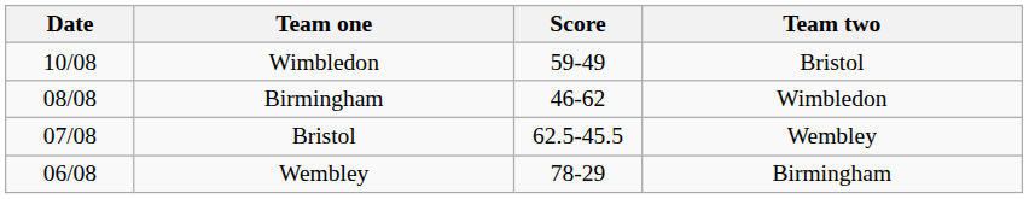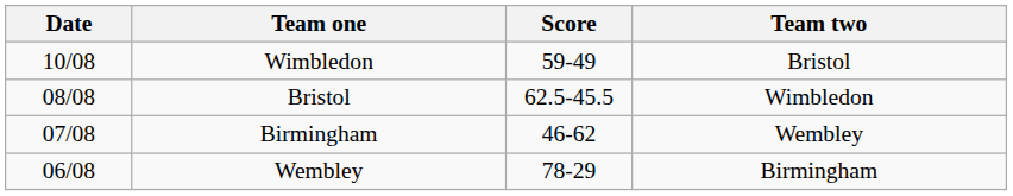 <table class="wikitable" style="text-align: center">
 <tr>
 <th width=80>Date</th>
 <th width=250>Team one</th>
 <th width=80>Score</th>
 <th width=250>Team two</th>
 </tr>
 <tr>
 <td>10/08</td>
 <td>Wimbledon</td>
 <td>59-49</td>
 <td>Bristol</td>
 </tr>
 <tr>
 <td>08/08</td>
-<td>Birmingham</td>
-<td>46-62</td>
+<td>Bristol</td>
+<td>62.5-45.5</td>
 <td>Wimbledon</td>
 </tr>
 <tr>
 <td>07/08</td>
-<td>Bristol</td>
-<td>62.5-45.5</td>
+<td>Birmingham</td>
+<td>46-62</td>
 <td>Wembley</td>
 </tr>
 <tr>
 <td>06/08</td>
 <td>Wembley</td>
 <td>78-29</td>
 <td>Birmingham</td>
 </tr>
 </table>
